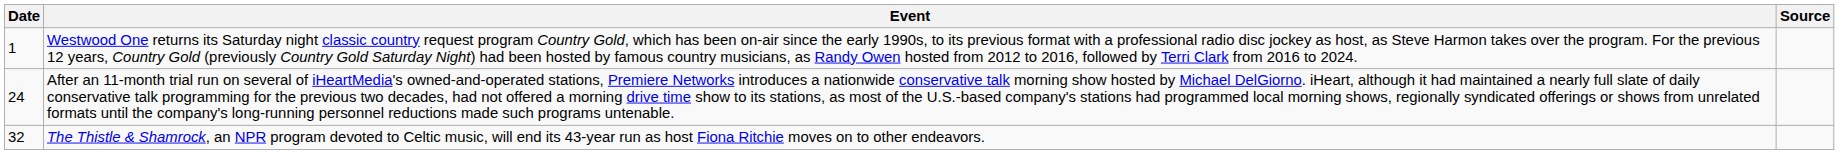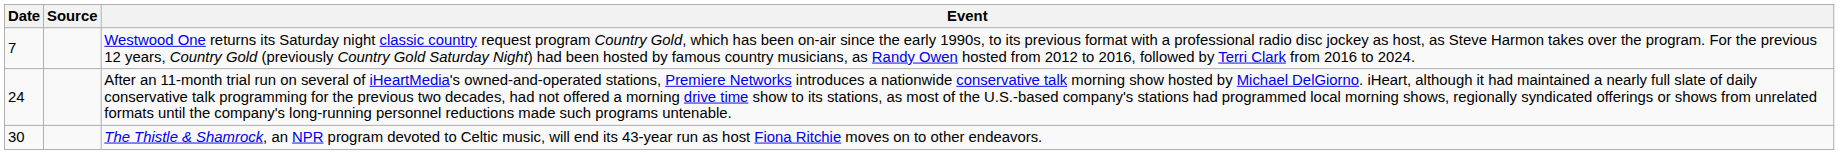 <table class=wikitable>
 <tr>
 <th>Date</th>
+<th>Source</th>
 <th>Event</th>
-<th>Source</th>
 </tr>
 <tr>
-<td>1</td>
+<td>7</td>
+<td></td>
 <td><a href='#'>Westwood One</a> returns its Saturday night <a href='#'>classic country</a> request program <em>Country Gold</em>, which has been on-air since the early 1990s, to its previous format with a professional radio disc jockey as host, as Steve Harmon takes over the program. For the previous 12 years, <em>Country Gold</em> (previously <em>Country Gold Saturday Night</em>) had been hosted by famous country musicians, as <a href='#'>Randy Owen</a> hosted from 2012 to 2016, followed by <a href='#'>Terri Clark</a> from 2016 to 2024.</td>
-<td></td>
 </tr>
 <tr>
 <td>24</td>
+<td></td>
 <td>After an 11-month trial run on several of <a href='#'>iHeartMedia</a>'s owned-and-operated stations, <a href='#'>Premiere Networks</a> introduces a nationwide <a href='#'>conservative talk</a> morning show hosted by <a href='#'>Michael DelGiorno</a>. iHeart, although it had maintained a nearly full slate of daily conservative talk programming for the previous two decades, had not offered a morning <a href='#'>drive time</a> show to its stations, as most of the U.S.-based company's stations had programmed local morning shows, regionally syndicated offerings or shows from unrelated formats until the company's long-running personnel reductions made such programs untenable.</td>
-<td></td>
 </tr>
 <tr>
-<td>32</td>
+<td>30</td>
+<td></td>
 <td><em><a href='#'>The Thistle & Shamrock</a></em>, an <a href='#'>NPR</a> program devoted to Celtic music, will end its 43-year run as host <a href='#'>Fiona Ritchie</a> moves on to other endeavors.</td>
-<td></td>
 </tr>
 </table>
